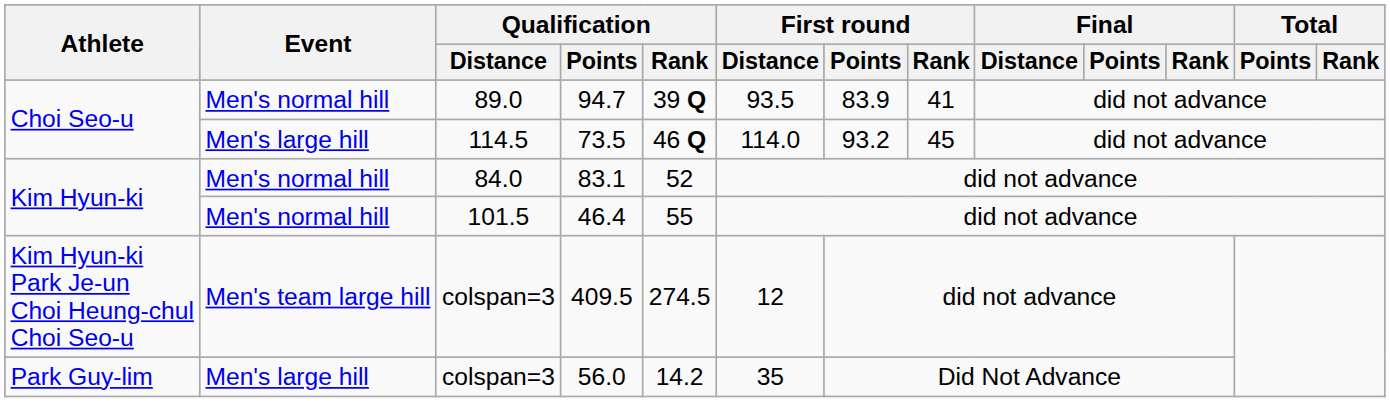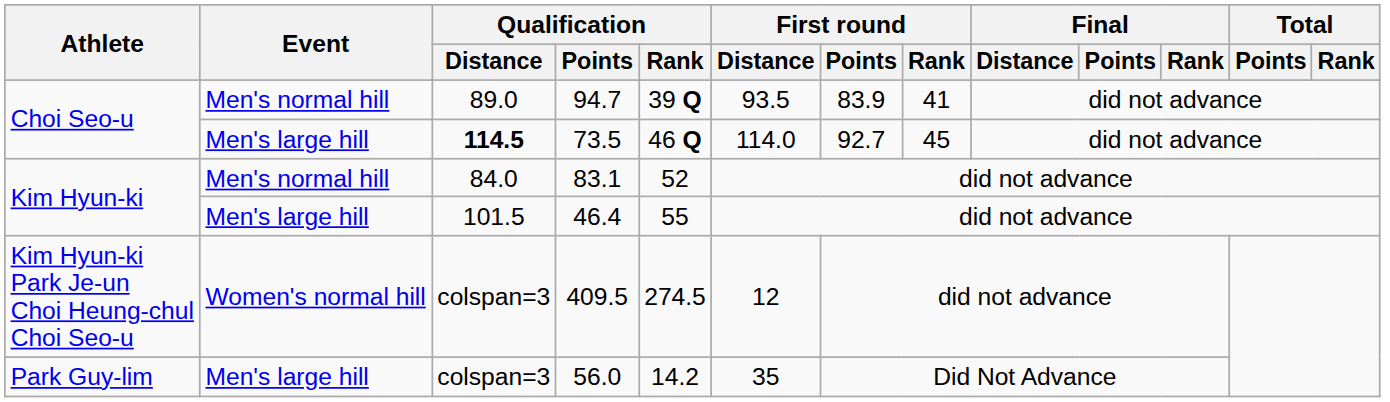 <table class="wikitable" style="font-size:90%">
 <tr>
 <th rowspan=2>Athlete</th>
 <th rowspan=2>Event</th>
 <th colspan=3>Qualification</th>
 <th colspan=3>First round</th>
 <th colspan=3>Final</th>
 <th colspan=2>Total</th>
 </tr>
 <tr style="font-size:95%">
 <th>Distance</th>
 <th>Points</th>
 <th>Rank</th>
 <th>Distance</th>
 <th>Points</th>
 <th>Rank</th>
 <th>Distance</th>
 <th>Points</th>
 <th>Rank</th>
 <th>Points</th>
 <th>Rank</th>
 </tr>
 <tr align=center>
 <td align=left rowspan=2><a href='#'>Choi Seo-u</a></td>
 <td align=left><a href='#'>Men's normal hill</a></td>
 <td>89.0</td>
 <td>94.7</td>
 <td>39 <strong>Q</strong></td>
 <td>93.5</td>
 <td>83.9</td>
 <td>41</td>
 <td colspan=5>did not advance</td>
 </tr>
 <tr align=center>
 <td align=left><a href='#'>Men's large hill</a></td>
-<td>114.5</td>
+<td><strong>114.5</strong></td>
 <td>73.5</td>
 <td>46 <strong>Q</strong></td>
 <td>114.0</td>
-<td>93.2</td>
+<td>92.7</td>
 <td>45</td>
 <td colspan=5>did not advance</td>
 </tr>
 <tr align=center>
 <td align=left rowspan=2><a href='#'>Kim Hyun-ki</a></td>
 <td align=left><a href='#'>Men's normal hill</a></td>
 <td>84.0</td>
 <td>83.1</td>
 <td>52</td>
 <td colspan=8>did not advance</td>
 </tr>
 <tr align=center>
-<td align=left><a href='#'>Men's normal hill</a></td>
+<td align=left><a href='#'>Men's large hill</a></td>
 <td>101.5</td>
 <td>46.4</td>
 <td>55</td>
 <td colspan=8>did not advance</td>
 </tr>
 <tr align=center>
 <td align=left><a href='#'>Kim Hyun-ki</a><br><a href='#'>Park Je-un</a><br><a href='#'>Choi Heung-chul</a><br><a href='#'>Choi Seo-u</a></td>
-<td align=left><a href='#'>Men's team large hill</a></td>
+<td align=left><a href='#'>Women's normal hill</a></td>
 <td>colspan=3 </td>
 <td>409.5</td>
 <td>274.5</td>
 <td>12</td>
 <td colspan=5>did not advance</td>
 </tr>
 <tr align=center>
 <td align=left><a href='#'>Park Guy-lim</a></td>
 <td align=left><a href='#'>Men's large hill</a></td>
 <td>colspan=3 </td>
 <td>56.0</td>
 <td>14.2</td>
 <td>35</td>
 <td colspan=5>Did Not Advance</td>
 </tr>
 </table>
